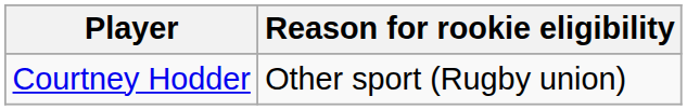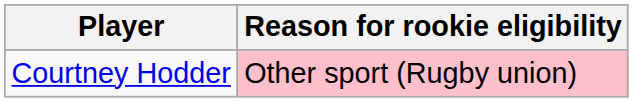 <table class="wikitable plainrowheaders">
 <tr>
 <th scope="col"><strong>Player</strong></th>
 <th scope="col"><strong>Reason for rookie eligibility</strong></th>
 </tr>
 <tr>
 <td><a href='#'>Courtney Hodder</a></td>
-<td>Other sport (Rugby union)</td>
+<td style="background: pink;">Other sport (Rugby union)</td>
 </tr>
 </table>
